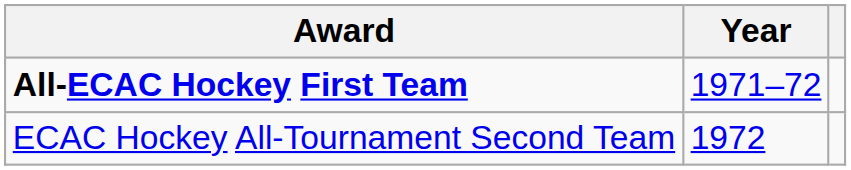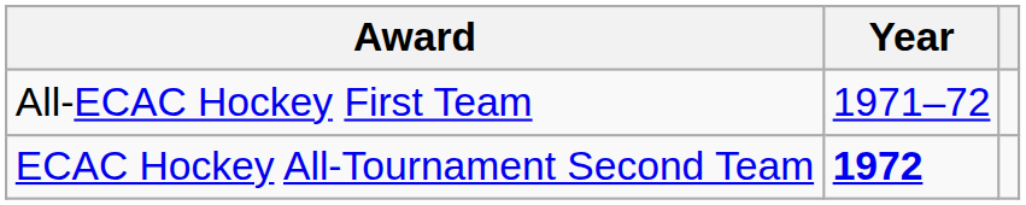 <table class="wikitable">
 <tr>
 <th>Award</th>
 <th>Year</th>
 <th></th>
 </tr>
 <tr>
-<td><strong>All-<a href='#'>ECAC Hockey</a> <a href='#'>First Team</a></strong></td>
+<td>All-<a href='#'>ECAC Hockey</a> <a href='#'>First Team</a></td>
 <td><a href='#'>1971–72</a></td>
 <td></td>
 </tr>
 <tr>
 <td><a href='#'>ECAC Hockey</a> <a href='#'>All-Tournament Second Team</a></td>
-<td><a href='#'>1972</a></td>
+<td><strong><a href='#'>1972</a></strong></td>
 <td></td>
 </tr>
 </table>
